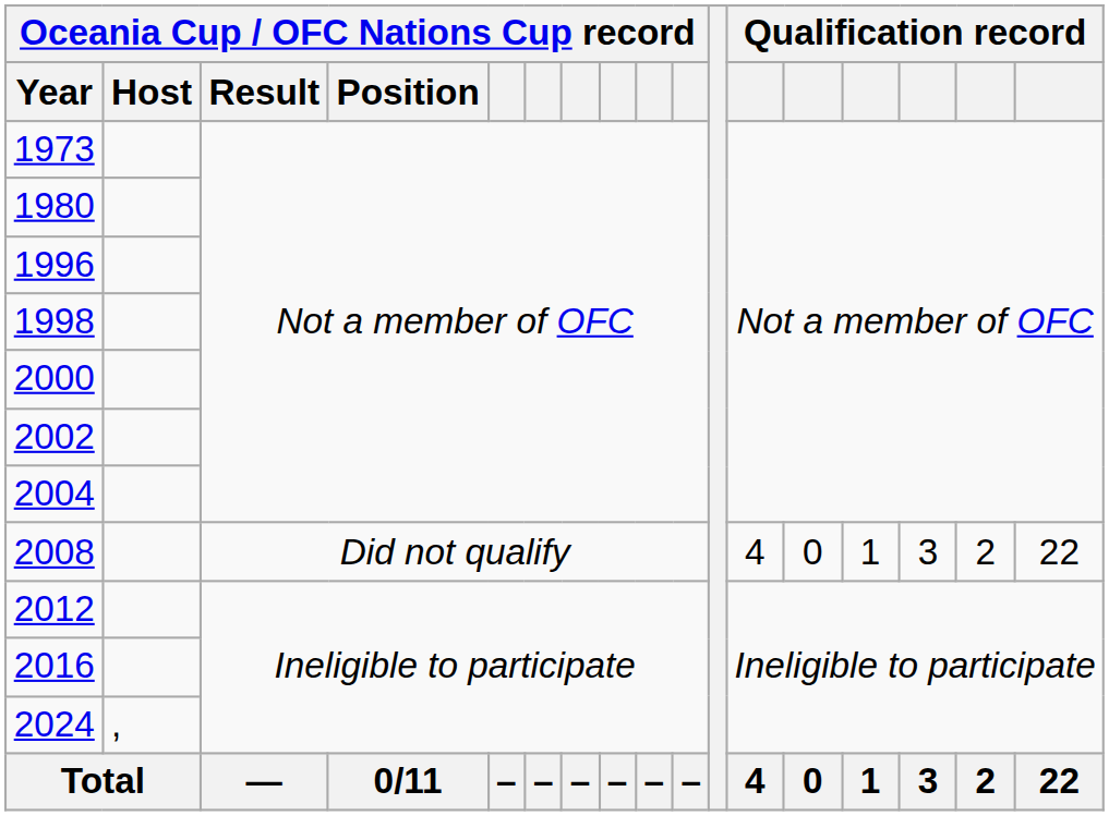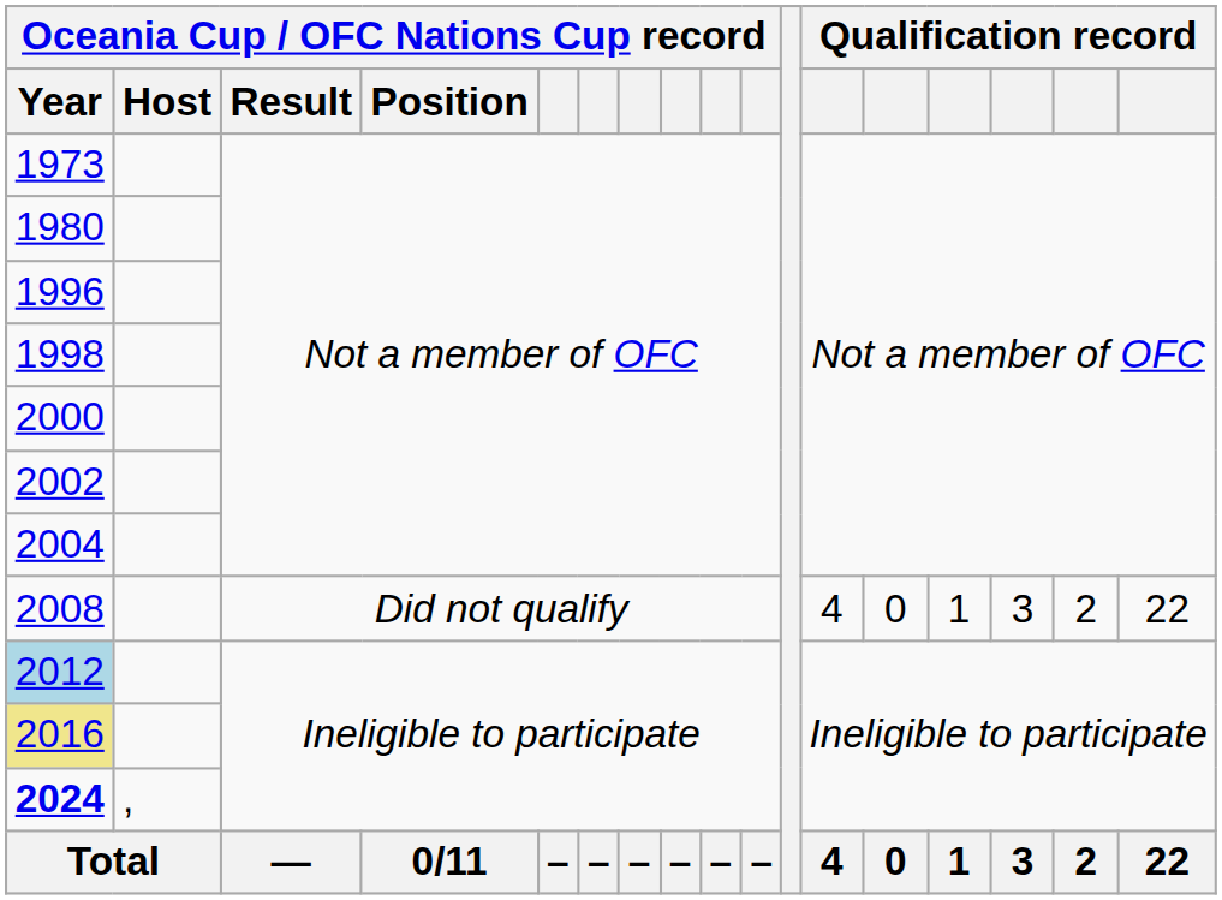 <table class="wikitable" style="text-align: center;">
 <tr>
 <th colspan=10><a href='#'>Oceania Cup / OFC Nations Cup</a> record</th>
 <th rowspan=15></th>
 <th colspan=6>Qualification record</th>
 </tr>
 <tr>
 <th>Year</th>
 <th>Host</th>
 <th>Result</th>
 <th>Position</th>
 <th></th>
 <th></th>
 <th></th>
 <th></th>
 <th></th>
 <th></th>
 <th></th>
 <th></th>
 <th></th>
 <th></th>
 <th></th>
 <th></th>
 </tr>
 <tr>
 <td><a href='#'>1973</a></td>
 <td align=left></td>
 <td colspan=8 rowspan=7><em>Not a member of <a href='#'>OFC</a></em></td>
 <td colspan=6 rowspan=7><em>Not a member of <a href='#'>OFC</a></em></td>
 </tr>
 <tr>
 <td><a href='#'>1980</a></td>
 <td align=left></td>
 </tr>
 <tr>
 <td><a href='#'>1996</a></td>
 <td align=left></td>
 </tr>
 <tr>
 <td><a href='#'>1998</a></td>
 <td align=left></td>
 </tr>
 <tr>
 <td><a href='#'>2000</a></td>
 <td align=left></td>
 </tr>
 <tr>
 <td><a href='#'>2002</a></td>
 <td align=left></td>
 </tr>
 <tr>
 <td><a href='#'>2004</a></td>
 <td align=left></td>
 </tr>
 <tr>
 <td><a href='#'>2008</a></td>
 <td align=left></td>
 <td colspan=8><em>Did not qualify</em></td>
 <td>4</td>
 <td>0</td>
 <td>1</td>
 <td>3</td>
 <td>2</td>
 <td>22</td>
 </tr>
 <tr>
-<td><a href='#'>2012</a></td>
+<td style="background: lightblue;"><a href='#'>2012</a></td>
 <td align=left></td>
 <td colspan=8 rowspan=3><em>Ineligible to participate</em></td>
 <td colspan=6 rowspan=3><em>Ineligible to participate</em></td>
 </tr>
 <tr>
-<td><a href='#'>2016</a></td>
+<td style="background: khaki;"><a href='#'>2016</a></td>
 <td align=left></td>
 </tr>
 <tr>
-<td><a href='#'>2024</a></td>
+<td><strong><a href='#'>2024</a></strong></td>
 <td align=left>, </td>
 </tr>
 <tr>
 <th colspan=2>Total</th>
 <th>—</th>
 <th>0/11</th>
 <th>–</th>
 <th>–</th>
 <th>–</th>
 <th>–</th>
 <th>–</th>
 <th>–</th>
 <th>4</th>
 <th>0</th>
 <th>1</th>
 <th>3</th>
 <th>2</th>
 <th>22</th>
 </tr>
 </table>
